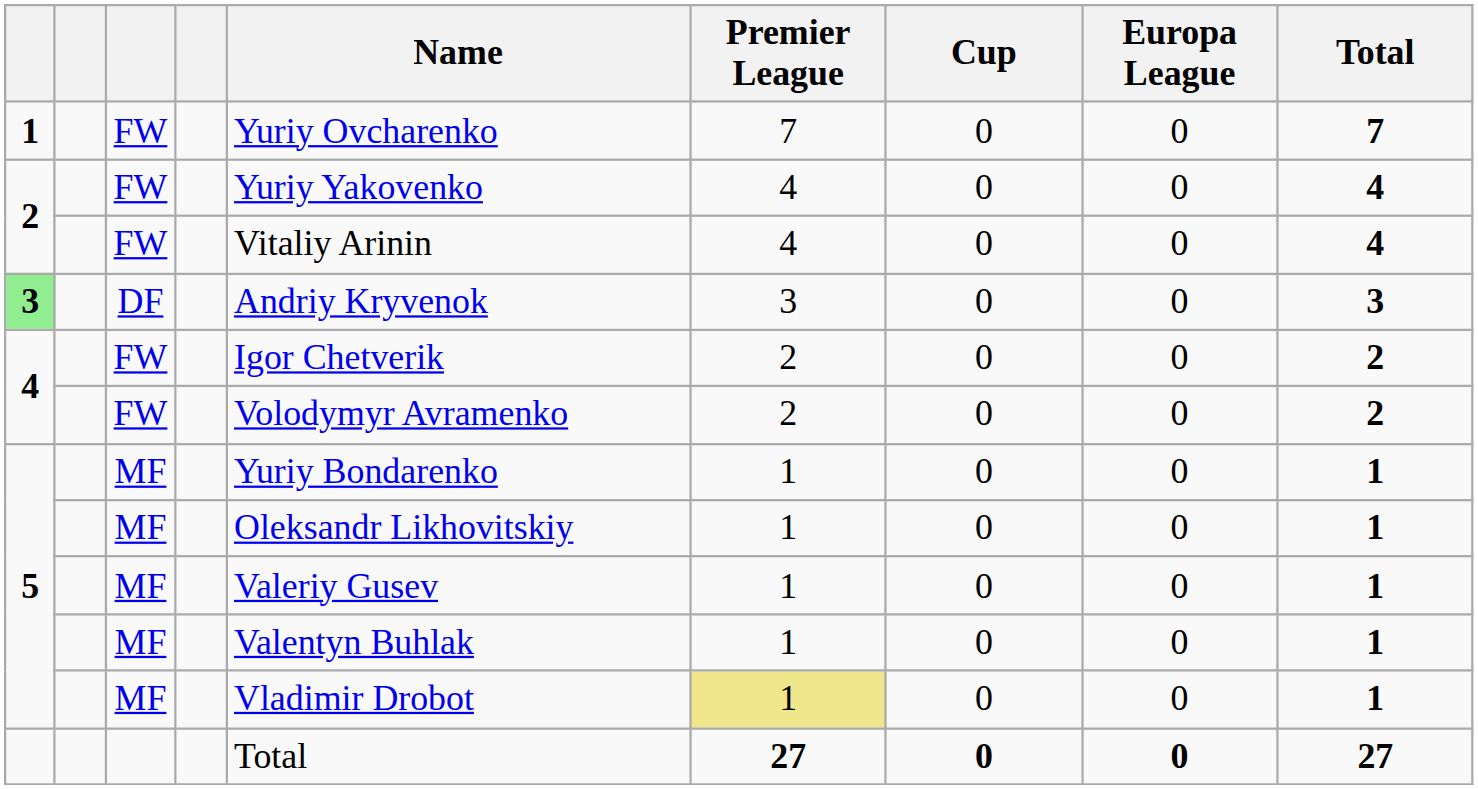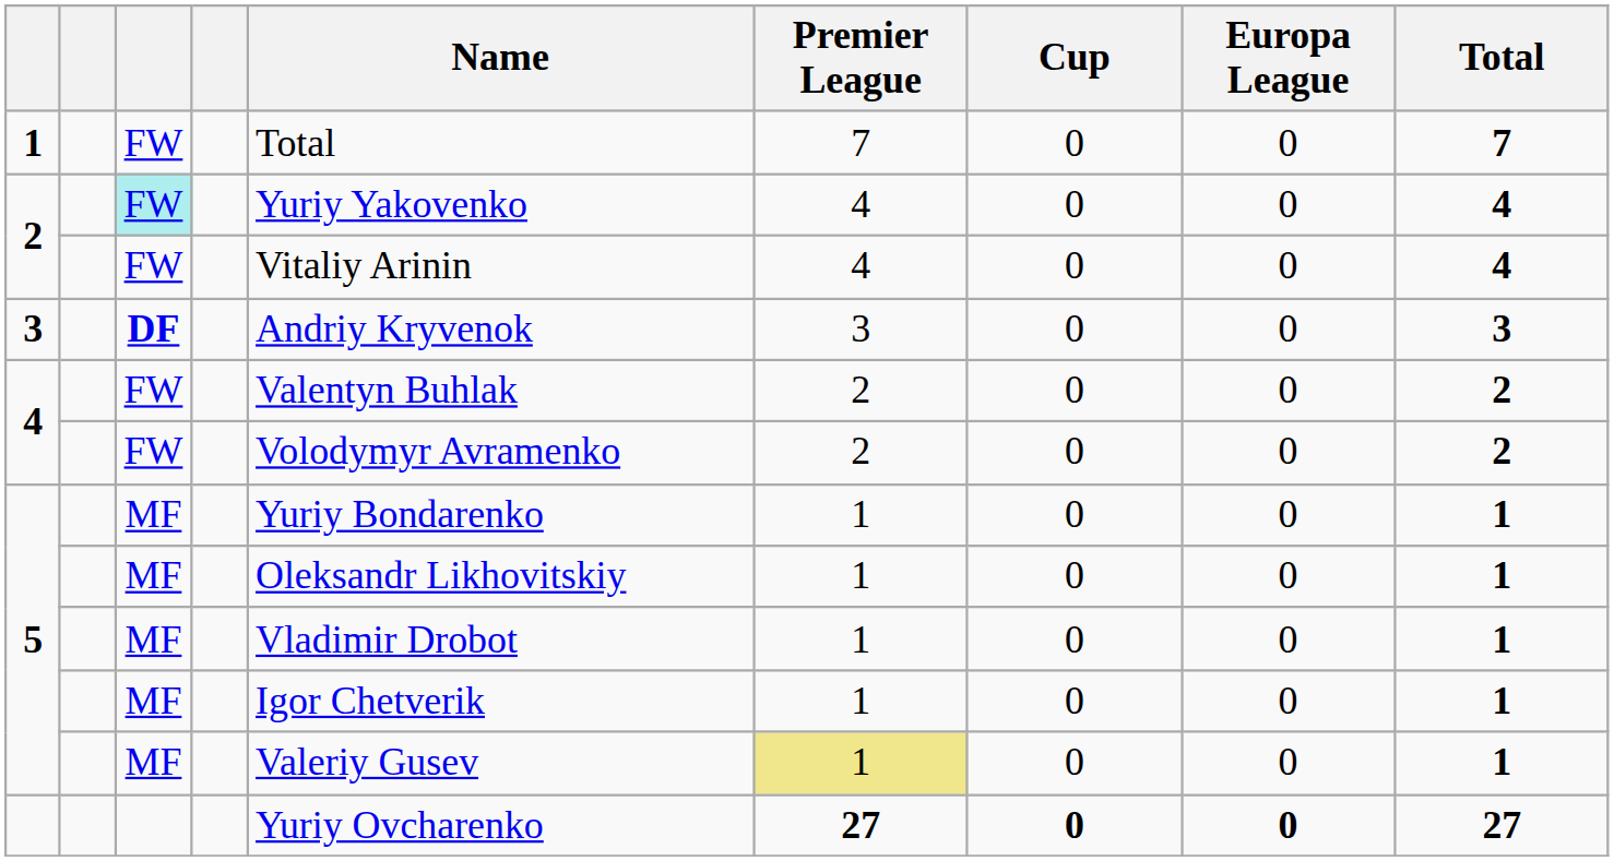 <table class="wikitable" style="text-align:center">
 <tr>
 <th width=15></th>
 <th width=15></th>
 <th width=15></th>
 <th width=15></th>
 <th width=200>Name</th>
 <th width=80><strong>Premier League</strong></th>
 <th width=80><strong>Cup</strong></th>
 <th width=80><strong>Europa League</strong></th>
 <th width=80>Total</th>
 </tr>
 <tr>
 <td><strong>1</strong></td>
 <td></td>
 <td><a href='#'>FW</a></td>
 <td></td>
-<td align=left><a href='#'>Yuriy Ovcharenko</a></td>
+<td align=left>Total</td>
 <td>7</td>
 <td>0</td>
 <td>0</td>
 <td><strong>7</strong></td>
 </tr>
 <tr>
 <td rowspan=2><strong>2</strong></td>
 <td></td>
-<td><a href='#'>FW</a></td>
+<td style="background: paleturquoise;"><a href='#'>FW</a></td>
 <td></td>
 <td align=left><a href='#'>Yuriy Yakovenko</a></td>
 <td>4</td>
 <td>0</td>
 <td>0</td>
 <td><strong>4</strong></td>
 </tr>
 <tr>
 <td></td>
 <td><a href='#'>FW</a></td>
 <td></td>
 <td align=left>Vitaliy Arinin</td>
 <td>4</td>
 <td>0</td>
 <td>0</td>
 <td><strong>4</strong></td>
 </tr>
 <tr>
-<td style="background: lightgreen;"><strong>3</strong></td>
+<td><strong>3</strong></td>
 <td></td>
-<td><a href='#'>DF</a></td>
+<td><strong><a href='#'>DF</a></strong></td>
 <td></td>
 <td align=left><a href='#'>Andriy Kryvenok</a></td>
 <td>3</td>
 <td>0</td>
 <td>0</td>
 <td><strong>3</strong></td>
 </tr>
 <tr>
 <td rowspan=2><strong>4</strong></td>
 <td></td>
 <td><a href='#'>FW</a></td>
 <td></td>
-<td align=left><a href='#'>Igor Chetverik</a></td>
+<td align=left><a href='#'>Valentyn Buhlak</a></td>
 <td>2</td>
 <td>0</td>
 <td>0</td>
 <td><strong>2</strong></td>
 </tr>
 <tr>
 <td></td>
 <td><a href='#'>FW</a></td>
 <td></td>
 <td align=left><a href='#'>Volodymyr Avramenko</a></td>
 <td>2</td>
 <td>0</td>
 <td>0</td>
 <td><strong>2</strong></td>
 </tr>
 <tr>
 <td rowspan=5><strong>5</strong></td>
 <td></td>
 <td><a href='#'>MF</a></td>
 <td></td>
 <td align=left><a href='#'>Yuriy Bondarenko</a></td>
 <td>1</td>
 <td>0</td>
 <td>0</td>
 <td><strong>1</strong></td>
 </tr>
 <tr>
 <td></td>
 <td><a href='#'>MF</a></td>
 <td></td>
 <td align=left><a href='#'>Oleksandr Likhovitskiy</a></td>
 <td>1</td>
 <td>0</td>
 <td>0</td>
 <td><strong>1</strong></td>
 </tr>
 <tr>
 <td></td>
 <td><a href='#'>MF</a></td>
 <td></td>
-<td align=left><a href='#'>Valeriy Gusev</a></td>
+<td align=left><a href='#'>Vladimir Drobot</a></td>
 <td>1</td>
 <td>0</td>
 <td>0</td>
 <td><strong>1</strong></td>
 </tr>
 <tr>
 <td></td>
 <td><a href='#'>MF</a></td>
 <td></td>
-<td align=left><a href='#'>Valentyn Buhlak</a></td>
+<td align=left><a href='#'>Igor Chetverik</a></td>
 <td>1</td>
 <td>0</td>
 <td>0</td>
 <td><strong>1</strong></td>
 </tr>
 <tr>
 <td></td>
 <td><a href='#'>MF</a></td>
 <td></td>
-<td align=left><a href='#'>Vladimir Drobot</a></td>
+<td align=left><a href='#'>Valeriy Gusev</a></td>
 <td style="background: khaki;">1</td>
 <td>0</td>
 <td>0</td>
 <td><strong>1</strong></td>
 </tr>
 <tr>
 <td></td>
 <td></td>
 <td></td>
 <td></td>
-<td align=left>Total</td>
+<td align=left><a href='#'>Yuriy Ovcharenko</a></td>
 <td><strong>27</strong></td>
 <td><strong>0</strong></td>
 <td><strong>0</strong></td>
 <td><strong>27</strong></td>
 </tr>
 <tr>
 </tr>
 </table>
